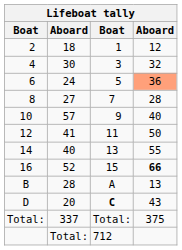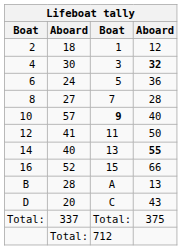 <table class="wikitable floatright">
 <tr>
 <th colspan=4>Lifeboat tally</th>
 </tr>
 <tr align=center>
 <th>Boat</th>
 <th>Aboard</th>
 <th>Boat</th>
 <th>Aboard</th>
 </tr>
 <tr align=center>
 <td>  2</td>
 <td>18</td>
 <td>  1</td>
 <td>12</td>
 </tr>
 <tr align=center>
 <td>  4</td>
 <td>30</td>
 <td>  3</td>
-<td>32</td>
+<td><strong>32</strong></td>
 </tr>
 <tr align=center>
 <td>  6</td>
 <td>24</td>
 <td>  5</td>
-<td style="background: lightsalmon;">36</td>
+<td>36</td>
 </tr>
 <tr align=center>
 <td>  8</td>
 <td>27</td>
 <td>7</td>
 <td>28</td>
 </tr>
 <tr align=center>
 <td>10</td>
 <td>57</td>
-<td>  9</td>
+<td><strong>  9</strong></td>
 <td>40</td>
 </tr>
 <tr align=center>
 <td>12</td>
 <td>41</td>
 <td>11</td>
 <td>50</td>
 </tr>
 <tr align=center>
 <td>14</td>
 <td>40</td>
 <td>13</td>
-<td>55</td>
+<td><strong>55</strong></td>
 </tr>
 <tr align=center>
 <td>16</td>
 <td>52</td>
 <td>15</td>
-<td><strong>66</strong></td>
+<td>66</td>
 </tr>
 <tr align=center>
 <td>B</td>
 <td>28</td>
 <td>A</td>
 <td>13</td>
 </tr>
 <tr align=center>
 <td>D</td>
 <td>20</td>
-<td><strong>C</strong></td>
+<td>C</td>
 <td>43</td>
 </tr>
 <tr align=center>
 <td>Total:</td>
 <td>337</td>
 <td>Total:</td>
 <td>375</td>
 </tr>
 <tr>
 <td></td>
 <td>Total:</td>
 <td>712</td>
 <td></td>
 </tr>
 </table>
